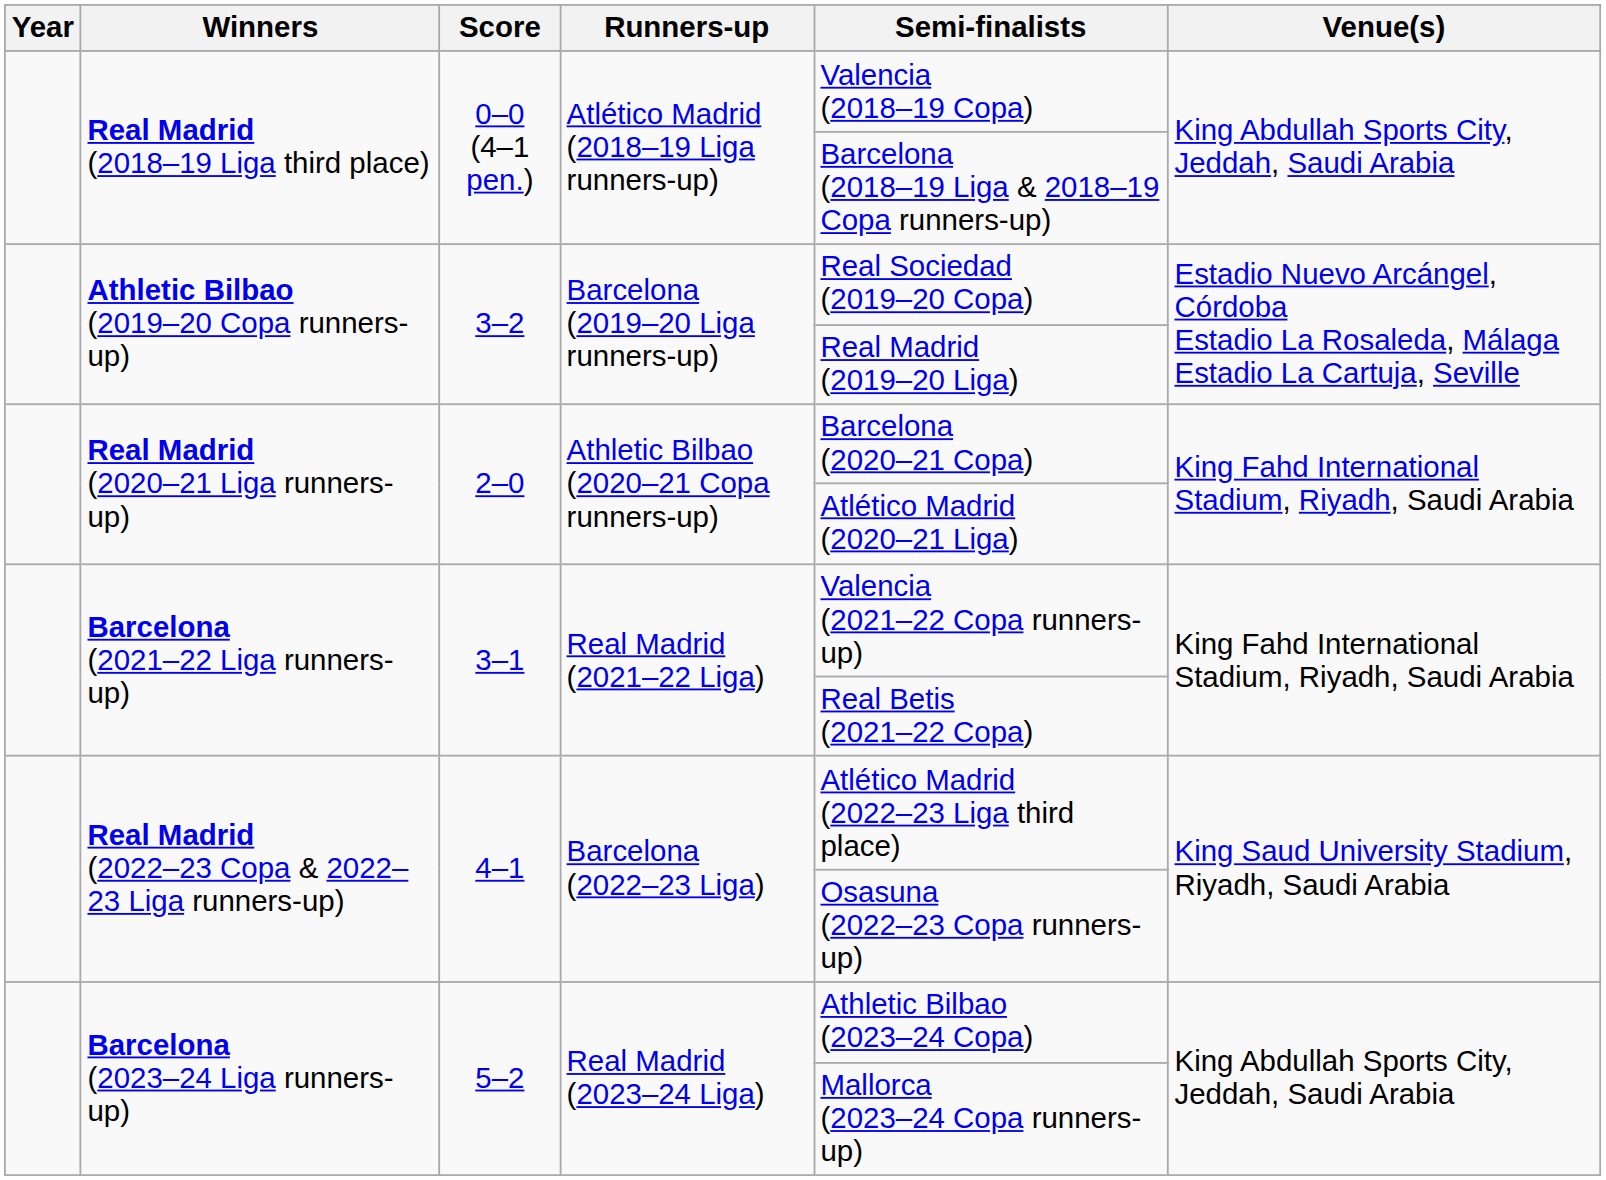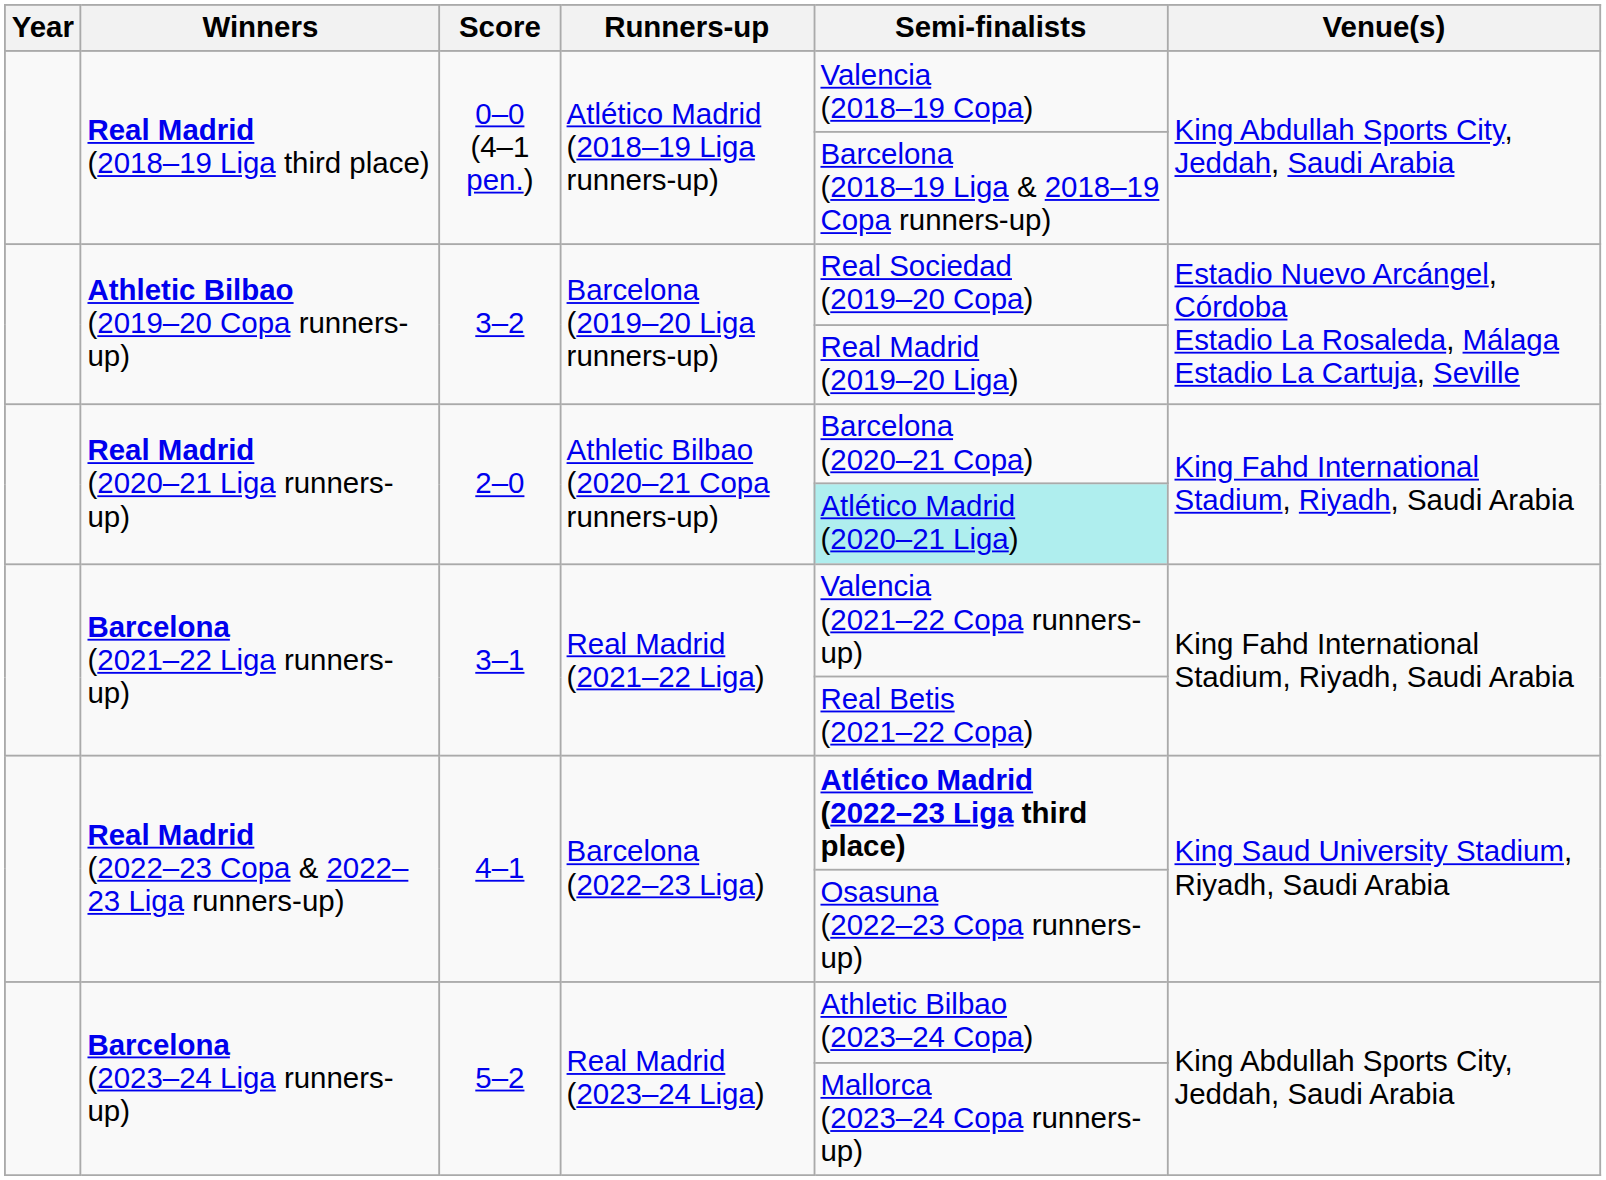 <table class="wikitable">
 <tr>
 <th>Year</th>
 <th>Winners</th>
 <th>Score</th>
 <th>Runners-up</th>
 <th>Semi-finalists</th>
 <th>Venue(s)</th>
 </tr>
 <tr>
 <td rowspan="2" align="center"></td>
 <td rowspan="2"><strong><a href='#'>Real Madrid</a></strong><br>(<a href='#'>2018–19 Liga</a> third place)</td>
 <td rowspan="2" align="center"><a href='#'>0–0</a> <br>(4–1 <a href='#'>pen.</a>)</td>
 <td rowspan="2"><a href='#'>Atlético Madrid</a><br>(<a href='#'>2018–19 Liga</a> runners-up)</td>
 <td><a href='#'>Valencia</a><br>(<a href='#'>2018–19 Copa</a>)</td>
 <td rowspan="2"> <a href='#'>King Abdullah Sports City</a>, <a href='#'>Jeddah</a>, <a href='#'>Saudi Arabia</a></td>
 </tr>
 <tr>
 <td><a href='#'>Barcelona</a><br>(<a href='#'>2018–19 Liga</a> & <a href='#'>2018–19 Copa</a> runners-up)</td>
 </tr>
 <tr>
 <td rowspan="2" align="center"></td>
 <td rowspan="2"><strong><a href='#'>Athletic Bilbao</a></strong><br>(<a href='#'>2019–20 Copa</a> runners-up)</td>
 <td rowspan="2" align="center"><a href='#'>3–2</a> </td>
 <td rowspan="2"><a href='#'>Barcelona</a><br>(<a href='#'>2019–20 Liga</a> runners-up)</td>
 <td><a href='#'>Real Sociedad</a><br>(<a href='#'>2019–20 Copa</a>)</td>
 <td rowspan="2"> <a href='#'>Estadio Nuevo Arcángel</a>, <a href='#'>Córdoba</a><br> <a href='#'>Estadio La Rosaleda</a>, <a href='#'>Málaga</a><br> <a href='#'>Estadio La Cartuja</a>, <a href='#'>Seville</a></td>
 </tr>
 <tr>
 <td><a href='#'>Real Madrid</a><br>(<a href='#'>2019–20 Liga</a>)</td>
 </tr>
 <tr>
 <td rowspan="2" align="center"></td>
 <td rowspan="2"><strong><a href='#'>Real Madrid</a></strong><br>(<a href='#'>2020–21 Liga</a> runners-up)</td>
 <td rowspan="2" align="center"><a href='#'>2–0</a></td>
 <td rowspan="2"><a href='#'>Athletic Bilbao</a><br>(<a href='#'>2020–21 Copa</a> runners-up)</td>
 <td><a href='#'>Barcelona</a><br>(<a href='#'>2020–21 Copa</a>)</td>
 <td rowspan="2"> <a href='#'>King Fahd International Stadium</a>, <a href='#'>Riyadh</a>, Saudi Arabia</td>
 </tr>
 <tr>
-<td><a href='#'>Atlético Madrid</a><br>(<a href='#'>2020–21 Liga</a>)</td>
+<td style="background: paleturquoise;"><a href='#'>Atlético Madrid</a><br>(<a href='#'>2020–21 Liga</a>)</td>
 </tr>
 <tr>
 <td rowspan="2" align="center"></td>
 <td rowspan="2"><strong><a href='#'>Barcelona</a></strong><br>(<a href='#'>2021–22 Liga</a> runners-up)</td>
 <td rowspan="2" align="center"><a href='#'>3–1</a></td>
 <td rowspan="2"><a href='#'>Real Madrid</a><br>(<a href='#'>2021–22 Liga</a>)</td>
 <td><a href='#'>Valencia</a><br>(<a href='#'>2021–22 Copa</a> runners-up)</td>
 <td rowspan="2"> King Fahd International Stadium, Riyadh, Saudi Arabia</td>
 </tr>
 <tr>
 <td><a href='#'>Real Betis</a><br>(<a href='#'>2021–22 Copa</a>)</td>
 </tr>
 <tr>
 <td rowspan="2" align="center"></td>
 <td rowspan="2"><strong><a href='#'>Real Madrid</a></strong><br>(<a href='#'>2022–23 Copa</a> & <a href='#'>2022–23 Liga</a> runners-up)</td>
 <td rowspan="2" align="center"><a href='#'>4–1</a></td>
 <td rowspan="2"><a href='#'>Barcelona</a><br>(<a href='#'>2022–23 Liga</a>)</td>
-<td><a href='#'>Atlético Madrid</a><br>(<a href='#'>2022–23 Liga</a> third place)</td>
+<td><strong><a href='#'>Atlético Madrid</a><br>(<a href='#'>2022–23 Liga</a> third place)</strong></td>
 <td rowspan="2"> <a href='#'>King Saud University Stadium</a>, Riyadh, Saudi Arabia</td>
 </tr>
 <tr>
 <td><a href='#'>Osasuna</a><br>(<a href='#'>2022–23 Copa</a> runners-up)</td>
 </tr>
 <tr>
 <td rowspan="2" align="center"></td>
 <td rowspan="2"><strong><a href='#'>Barcelona</a></strong><br>(<a href='#'>2023–24 Liga</a> runners-up)</td>
 <td rowspan="2" align="center"><a href='#'>5–2</a></td>
 <td rowspan="2"><a href='#'>Real Madrid</a><br>(<a href='#'>2023–24 Liga</a>)</td>
 <td><a href='#'>Athletic Bilbao</a><br>(<a href='#'>2023–24 Copa</a>)</td>
 <td rowspan="2"> King Abdullah Sports City, Jeddah, Saudi Arabia</td>
 </tr>
 <tr>
 <td><a href='#'>Mallorca</a><br>(<a href='#'>2023–24 Copa</a> runners-up)</td>
 </tr>
 </table>
